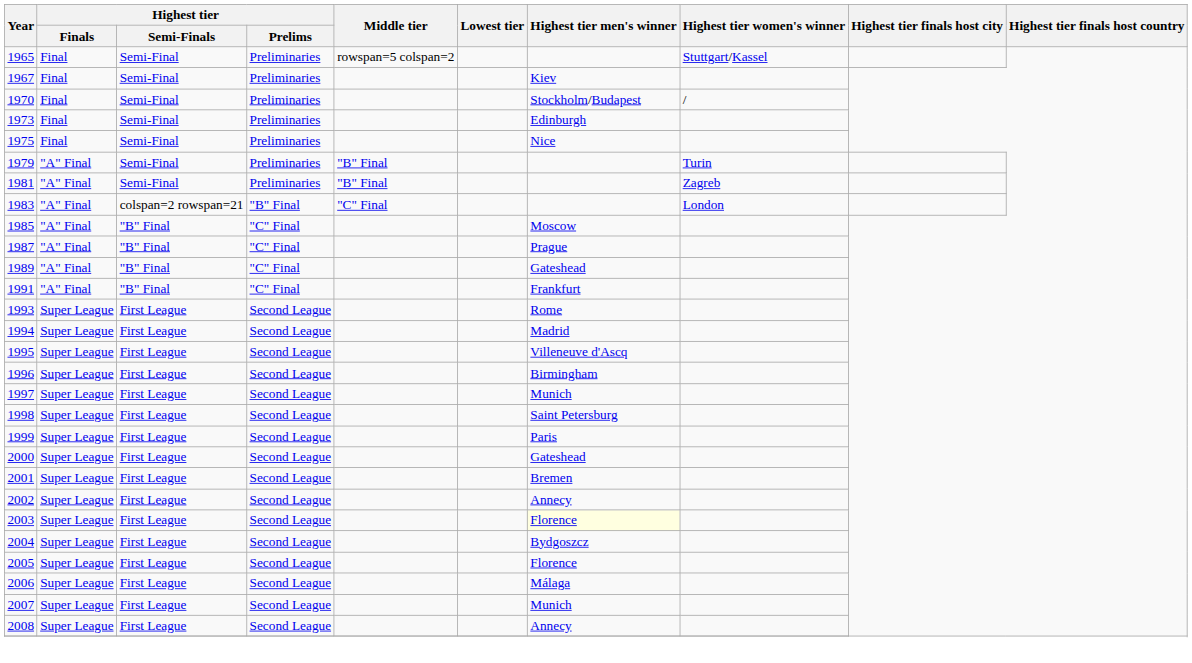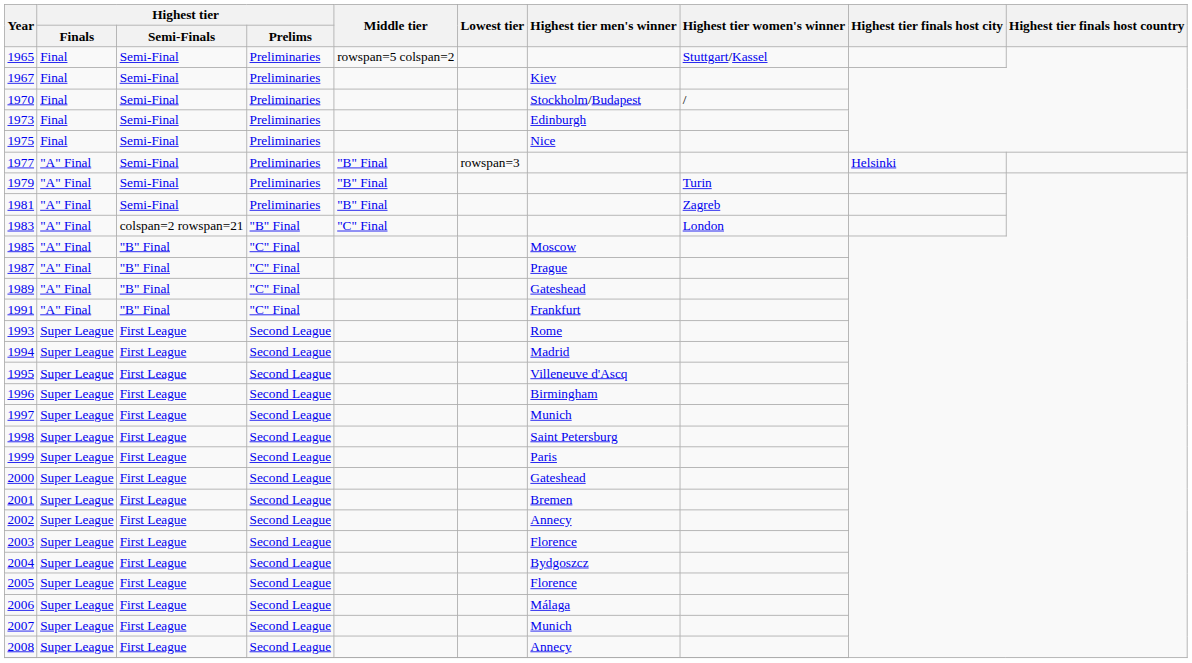 <table class="wikitable">
 <tr>
 <th rowspan=2>Year</th>
 <th colspan=3>Highest tier</th>
 <th rowspan=2>Middle tier</th>
 <th rowspan=2>Lowest tier</th>
 <th rowspan=2>Highest tier men's winner</th>
 <th rowspan=2>Highest tier women's winner</th>
 <th rowspan=2>Highest tier finals host city</th>
 <th rowspan=2>Highest tier finals host country</th>
 </tr>
 <tr>
 <th>Finals</th>
 <th>Semi-Finals</th>
 <th>Prelims</th>
 </tr>
 <tr>
 <td><a href='#'>1965</a></td>
 <td><a href='#'>Final</a></td>
 <td><a href='#'>Semi-Final</a></td>
 <td><a href='#'>Preliminaries</a></td>
 <td>rowspan=5 colspan=2 </td>
 <td></td>
 <td></td>
 <td><a href='#'>Stuttgart</a>/<a href='#'>Kassel</a></td>
 <td></td>
 </tr>
 <tr>
 <td><a href='#'>1967</a></td>
 <td><a href='#'>Final</a></td>
 <td><a href='#'>Semi-Final</a></td>
 <td><a href='#'>Preliminaries</a></td>
 <td></td>
 <td></td>
 <td><a href='#'>Kiev</a></td>
 <td></td>
 </tr>
 <tr>
 <td><a href='#'>1970</a></td>
 <td><a href='#'>Final</a></td>
 <td><a href='#'>Semi-Final</a></td>
 <td><a href='#'>Preliminaries</a></td>
 <td></td>
 <td></td>
 <td><a href='#'>Stockholm</a>/<a href='#'>Budapest</a></td>
 <td>/</td>
 </tr>
 <tr>
 <td><a href='#'>1973</a></td>
 <td><a href='#'>Final</a></td>
 <td><a href='#'>Semi-Final</a></td>
 <td><a href='#'>Preliminaries</a></td>
 <td></td>
 <td></td>
 <td><a href='#'>Edinburgh</a></td>
 <td></td>
 </tr>
 <tr>
 <td><a href='#'>1975</a></td>
 <td><a href='#'>Final</a></td>
 <td><a href='#'>Semi-Final</a></td>
 <td><a href='#'>Preliminaries</a></td>
 <td></td>
 <td></td>
 <td><a href='#'>Nice</a></td>
+<td></td>
+</tr>
+<tr>
+<td><a href='#'>1977</a></td>
+<td><a href='#'>"A" Final</a></td>
+<td><a href='#'>Semi-Final</a></td>
+<td><a href='#'>Preliminaries</a></td>
+<td><a href='#'>"B" Final</a></td>
+<td>rowspan=3 </td>
+<td></td>
+<td></td>
+<td><a href='#'>Helsinki</a></td>
 <td></td>
 </tr>
 <tr>
 <td><a href='#'>1979</a></td>
 <td><a href='#'>"A" Final</a></td>
 <td><a href='#'>Semi-Final</a></td>
 <td><a href='#'>Preliminaries</a></td>
 <td><a href='#'>"B" Final</a></td>
 <td></td>
 <td></td>
 <td><a href='#'>Turin</a></td>
 <td></td>
 </tr>
 <tr>
 <td><a href='#'>1981</a></td>
 <td><a href='#'>"A" Final</a></td>
 <td><a href='#'>Semi-Final</a></td>
 <td><a href='#'>Preliminaries</a></td>
 <td><a href='#'>"B" Final</a></td>
 <td></td>
 <td></td>
 <td><a href='#'>Zagreb</a></td>
 <td></td>
 </tr>
 <tr>
 <td><a href='#'>1983</a></td>
 <td><a href='#'>"A" Final</a></td>
 <td>colspan=2 rowspan=21 </td>
 <td><a href='#'>"B" Final</a></td>
 <td><a href='#'>"C" Final</a></td>
 <td></td>
 <td></td>
 <td><a href='#'>London</a></td>
 <td></td>
 </tr>
 <tr>
 <td><a href='#'>1985</a></td>
 <td><a href='#'>"A" Final</a></td>
 <td><a href='#'>"B" Final</a></td>
 <td><a href='#'>"C" Final</a></td>
 <td></td>
 <td></td>
 <td><a href='#'>Moscow</a></td>
 <td></td>
 </tr>
 <tr>
 <td><a href='#'>1987</a></td>
 <td><a href='#'>"A" Final</a></td>
 <td><a href='#'>"B" Final</a></td>
 <td><a href='#'>"C" Final</a></td>
 <td></td>
 <td></td>
 <td><a href='#'>Prague</a></td>
 <td></td>
 </tr>
 <tr>
 <td><a href='#'>1989</a></td>
 <td><a href='#'>"A" Final</a></td>
 <td><a href='#'>"B" Final</a></td>
 <td><a href='#'>"C" Final</a></td>
 <td></td>
 <td></td>
 <td><a href='#'>Gateshead</a></td>
 <td></td>
 </tr>
 <tr>
 <td><a href='#'>1991</a></td>
 <td><a href='#'>"A" Final</a></td>
 <td><a href='#'>"B" Final</a></td>
 <td><a href='#'>"C" Final</a></td>
 <td></td>
 <td></td>
 <td><a href='#'>Frankfurt</a></td>
 <td></td>
 </tr>
 <tr>
 <td><a href='#'>1993</a></td>
 <td><a href='#'>Super League</a></td>
 <td><a href='#'>First League</a></td>
 <td><a href='#'>Second League</a></td>
 <td></td>
 <td></td>
 <td><a href='#'>Rome</a></td>
 <td></td>
 </tr>
 <tr>
 <td><a href='#'>1994</a></td>
 <td><a href='#'>Super League</a></td>
 <td><a href='#'>First League</a></td>
 <td><a href='#'>Second League</a></td>
 <td></td>
 <td></td>
 <td><a href='#'>Madrid</a></td>
 <td></td>
 </tr>
 <tr>
 <td><a href='#'>1995</a></td>
 <td><a href='#'>Super League</a></td>
 <td><a href='#'>First League</a></td>
 <td><a href='#'>Second League</a></td>
 <td></td>
 <td></td>
 <td><a href='#'>Villeneuve d'Ascq</a></td>
 <td></td>
 </tr>
 <tr>
 <td><a href='#'>1996</a></td>
 <td><a href='#'>Super League</a></td>
 <td><a href='#'>First League</a></td>
 <td><a href='#'>Second League</a></td>
 <td></td>
 <td></td>
 <td><a href='#'>Birmingham</a></td>
 <td></td>
 </tr>
 <tr>
 <td><a href='#'>1997</a></td>
 <td><a href='#'>Super League</a></td>
 <td><a href='#'>First League</a></td>
 <td><a href='#'>Second League</a></td>
 <td></td>
 <td></td>
 <td><a href='#'>Munich</a></td>
 <td></td>
 </tr>
 <tr>
 <td><a href='#'>1998</a></td>
 <td><a href='#'>Super League</a></td>
 <td><a href='#'>First League</a></td>
 <td><a href='#'>Second League</a></td>
 <td></td>
 <td></td>
 <td><a href='#'>Saint Petersburg</a></td>
 <td></td>
 </tr>
 <tr>
 <td><a href='#'>1999</a></td>
 <td><a href='#'>Super League</a></td>
 <td><a href='#'>First League</a></td>
 <td><a href='#'>Second League</a></td>
 <td></td>
 <td></td>
 <td><a href='#'>Paris</a></td>
 <td></td>
 </tr>
 <tr>
 <td><a href='#'>2000</a></td>
 <td><a href='#'>Super League</a></td>
 <td><a href='#'>First League</a></td>
 <td><a href='#'>Second League</a></td>
 <td></td>
 <td></td>
 <td><a href='#'>Gateshead</a></td>
 <td></td>
 </tr>
 <tr>
 <td><a href='#'>2001</a></td>
 <td><a href='#'>Super League</a></td>
 <td><a href='#'>First League</a></td>
 <td><a href='#'>Second League</a></td>
 <td></td>
 <td></td>
 <td><a href='#'>Bremen</a></td>
 <td></td>
 </tr>
 <tr>
 <td><a href='#'>2002</a></td>
 <td><a href='#'>Super League</a></td>
 <td><a href='#'>First League</a></td>
 <td><a href='#'>Second League</a></td>
 <td></td>
 <td></td>
 <td><a href='#'>Annecy</a></td>
 <td></td>
 </tr>
 <tr>
 <td><a href='#'>2003</a></td>
 <td><a href='#'>Super League</a></td>
 <td><a href='#'>First League</a></td>
 <td><a href='#'>Second League</a></td>
 <td></td>
 <td></td>
-<td style="background: lightyellow;"><a href='#'>Florence</a></td>
+<td><a href='#'>Florence</a></td>
 <td></td>
 </tr>
 <tr>
 <td><a href='#'>2004</a></td>
 <td><a href='#'>Super League</a></td>
 <td><a href='#'>First League</a></td>
 <td><a href='#'>Second League</a></td>
 <td></td>
 <td></td>
 <td><a href='#'>Bydgoszcz</a></td>
 <td></td>
 </tr>
 <tr>
 <td><a href='#'>2005</a></td>
 <td><a href='#'>Super League</a></td>
 <td><a href='#'>First League</a></td>
 <td><a href='#'>Second League</a></td>
 <td></td>
 <td></td>
 <td><a href='#'>Florence</a></td>
 <td></td>
 </tr>
 <tr>
 <td><a href='#'>2006</a></td>
 <td><a href='#'>Super League</a></td>
 <td><a href='#'>First League</a></td>
 <td><a href='#'>Second League</a></td>
 <td></td>
 <td></td>
 <td><a href='#'>Málaga</a></td>
 <td></td>
 </tr>
 <tr>
 <td><a href='#'>2007</a></td>
 <td><a href='#'>Super League</a></td>
 <td><a href='#'>First League</a></td>
 <td><a href='#'>Second League</a></td>
 <td></td>
 <td></td>
 <td><a href='#'>Munich</a></td>
 <td></td>
 </tr>
 <tr>
 <td><a href='#'>2008</a></td>
 <td><a href='#'>Super League</a></td>
 <td><a href='#'>First League</a></td>
 <td><a href='#'>Second League</a></td>
 <td></td>
 <td></td>
 <td><a href='#'>Annecy</a></td>
 <td></td>
 </tr>
 <tr>
 </tr>
 </table>
